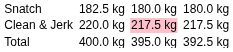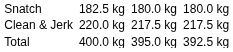 <table>
 <tr>
 <td>Snatch</td>
 <td></td>
 <td>182.5 kg</td>
 <td></td>
 <td>180.0 kg</td>
 <td></td>
 <td>180.0 kg</td>
 </tr>
 <tr>
 <td>Clean & Jerk</td>
 <td></td>
 <td>220.0 kg</td>
 <td></td>
-<td style="background: pink;">217.5 kg</td>
+<td>217.5 kg</td>
 <td></td>
 <td>217.5 kg</td>
 </tr>
 <tr>
 <td>Total</td>
 <td></td>
 <td>400.0 kg</td>
 <td></td>
 <td>395.0 kg</td>
 <td></td>
 <td>392.5 kg</td>
 </tr>
 </table>
